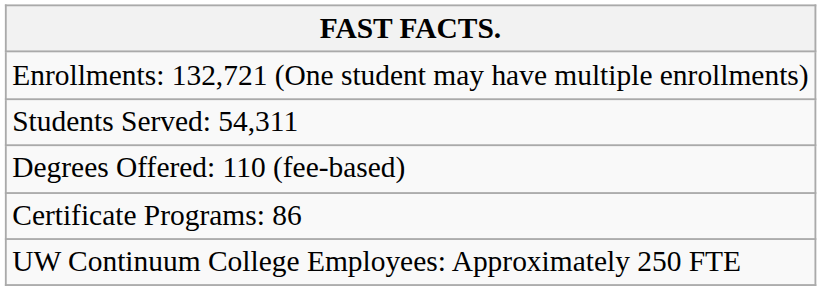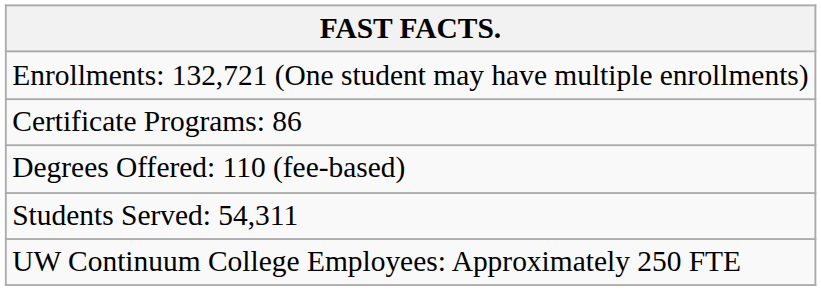 <table class="wikitable" align="right" border="1">
 <tr>
 <th>FAST FACTS.</th>
 </tr>
 <tr>
 <td>Enrollments: 132,721 (One student may have multiple enrollments)</td>
 </tr>
 <tr>
-<td>Students Served: 54,311</td>
+<td>Certificate Programs: 86</td>
 </tr>
 <tr>
 <td>Degrees Offered: 110 (fee-based)</td>
 </tr>
 <tr>
-<td>Certificate Programs: 86</td>
+<td>Students Served: 54,311</td>
 </tr>
 <tr>
 <td>UW Continuum College Employees: Approximately 250 FTE</td>
 </tr>
 </table>
